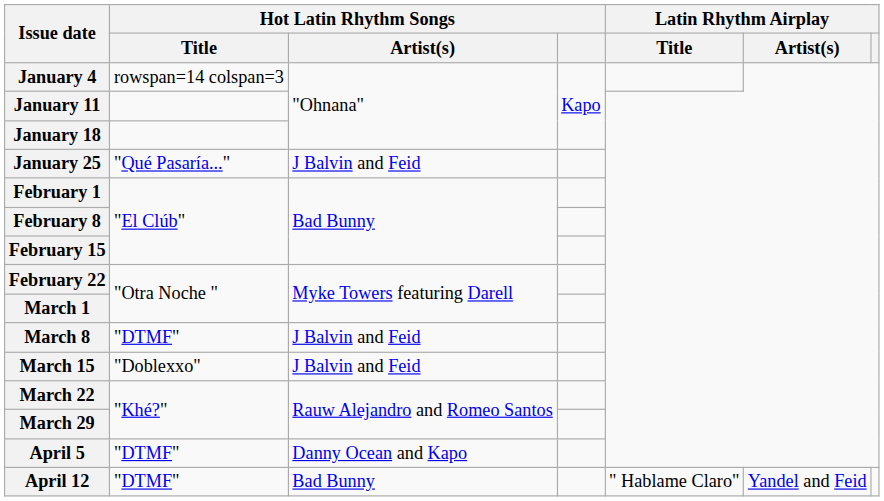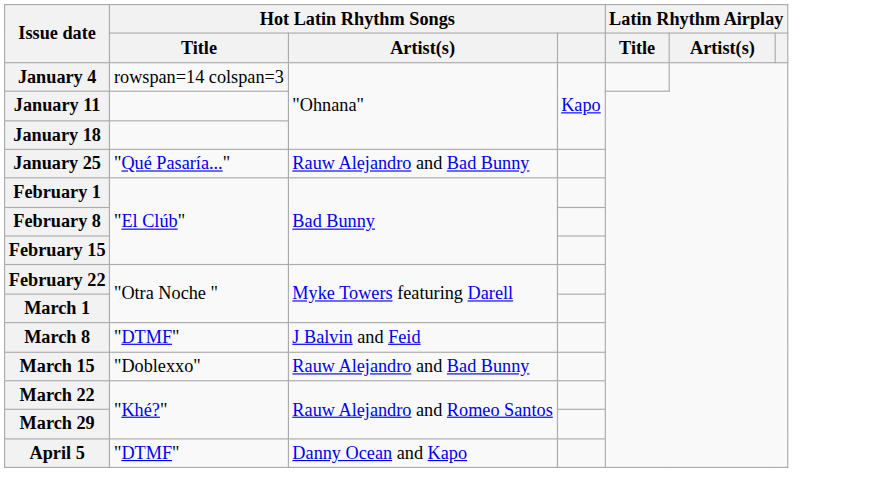 <table class="wikitable sortable plainrowheaders">
 <tr>
 <th scope=col rowspan=2>Issue date</th>
 <th scope=col colspan=3>Hot Latin Rhythm Songs</th>
 <th scope=col colspan=3>Latin Rhythm Airplay</th>
 </tr>
 <tr>
 <th scope=col>Title</th>
 <th scope=col>Artist(s)</th>
 <th scope=col class=unsortable></th>
 <th scope=col>Title</th>
 <th scope=col>Artist(s)</th>
 <th scope=col class=unsortable></th>
 </tr>
 <tr>
 <th scope="row">January 4</th>
 <td>rowspan=14 colspan=3 </td>
 <td rowspan=3>"Ohnana"</td>
 <td rowspan=3><a href='#'>Kapo</a></td>
 <td></td>
 </tr>
 <tr>
 <th scope="row">January 11</th>
 <td></td>
 </tr>
 <tr>
 <th scope="row">January 18</th>
 <td></td>
 </tr>
 <tr>
 <th scope="row">January 25</th>
 <td>"<a href='#'>Qué Pasaría...</a>"</td>
-<td><a href='#'>J Balvin</a> and <a href='#'>Feid</a></td>
+<td><a href='#'>Rauw Alejandro</a> and <a href='#'>Bad Bunny</a></td>
 <td></td>
 </tr>
 <tr>
 <th scope="row">February 1</th>
 <td rowspan="3">"<a href='#'>El Clúb</a>"</td>
 <td rowspan="3"><a href='#'>Bad Bunny</a></td>
 <td></td>
 </tr>
 <tr>
 <th scope="row">February 8</th>
 <td></td>
 </tr>
 <tr>
 <th scope="row">February 15</th>
 <td></td>
 </tr>
 <tr>
 <th scope="row">February 22</th>
 <td rowspan="2">"Otra Noche "</td>
 <td rowspan="2"><a href='#'>Myke Towers</a> featuring <a href='#'>Darell</a></td>
 <td></td>
 </tr>
 <tr>
 <th scope="row">March 1</th>
 <td></td>
 </tr>
 <tr>
 <th scope="row">March 8</th>
 <td>"<a href='#'>DTMF</a>"</td>
 <td><a href='#'>J Balvin</a> and <a href='#'>Feid</a></td>
 <td></td>
 </tr>
 <tr>
 <th scope="row">March 15</th>
 <td>"Doblexxo"</td>
-<td><a href='#'>J Balvin</a> and <a href='#'>Feid</a></td>
+<td><a href='#'>Rauw Alejandro</a> and <a href='#'>Bad Bunny</a></td>
 <td></td>
 </tr>
 <tr>
 <th scope="row">March 22</th>
 <td rowspan="2">"<a href='#'>Khé?</a>"</td>
 <td rowspan="2"><a href='#'>Rauw Alejandro</a> and <a href='#'>Romeo Santos</a></td>
 <td></td>
 </tr>
 <tr>
 <th scope="row">March 29</th>
 <td></td>
 </tr>
 <tr>
 <th scope="row">April 5</th>
 <td>"<a href='#'>DTMF</a>"</td>
 <td><a href='#'>Danny Ocean</a> and <a href='#'>Kapo</a></td>
 <td></td>
 </tr>
-<tr>
-<th scope="row">April 12</th>
-<td>"<a href='#'>DTMF</a>"</td>
-<td><a href='#'>Bad Bunny</a></td>
-<td align=center></td>
-<td>" Hablame Claro"</td>
-<td><a href='#'>Yandel</a> and <a href='#'>Feid</a></td>
-<td></td>
-</tr>
 </table>
